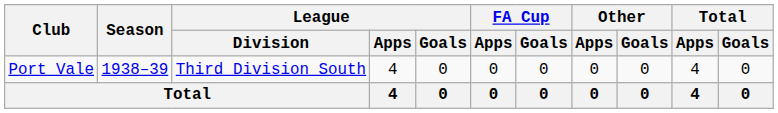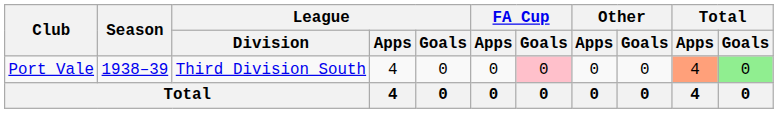 <table class="wikitable" style="text-align:center">
 <tr>
 <th rowspan="2">Club</th>
 <th rowspan="2">Season</th>
 <th colspan="3">League</th>
 <th colspan="2"><a href='#'>FA Cup</a></th>
 <th colspan="2">Other</th>
 <th colspan="2">Total</th>
 </tr>
 <tr>
 <th>Division</th>
 <th>Apps</th>
 <th>Goals</th>
 <th>Apps</th>
 <th>Goals</th>
 <th>Apps</th>
 <th>Goals</th>
 <th>Apps</th>
 <th>Goals</th>
 </tr>
 <tr>
 <td><a href='#'>Port Vale</a></td>
 <td><a href='#'>1938–39</a></td>
 <td><a href='#'>Third Division South</a></td>
 <td>4</td>
 <td>0</td>
 <td>0</td>
+<td style="background: pink;">0</td>
 <td>0</td>
 <td>0</td>
-<td>0</td>
-<td>4</td>
-<td>0</td>
+<td style="background: lightsalmon;">4</td>
+<td style="background: lightgreen;">0</td>
 </tr>
 <tr>
 <th colspan="3">Total</th>
 <th>4</th>
 <th>0</th>
 <th>0</th>
 <th>0</th>
 <th>0</th>
 <th>0</th>
 <th>4</th>
 <th>0</th>
 </tr>
 </table>
